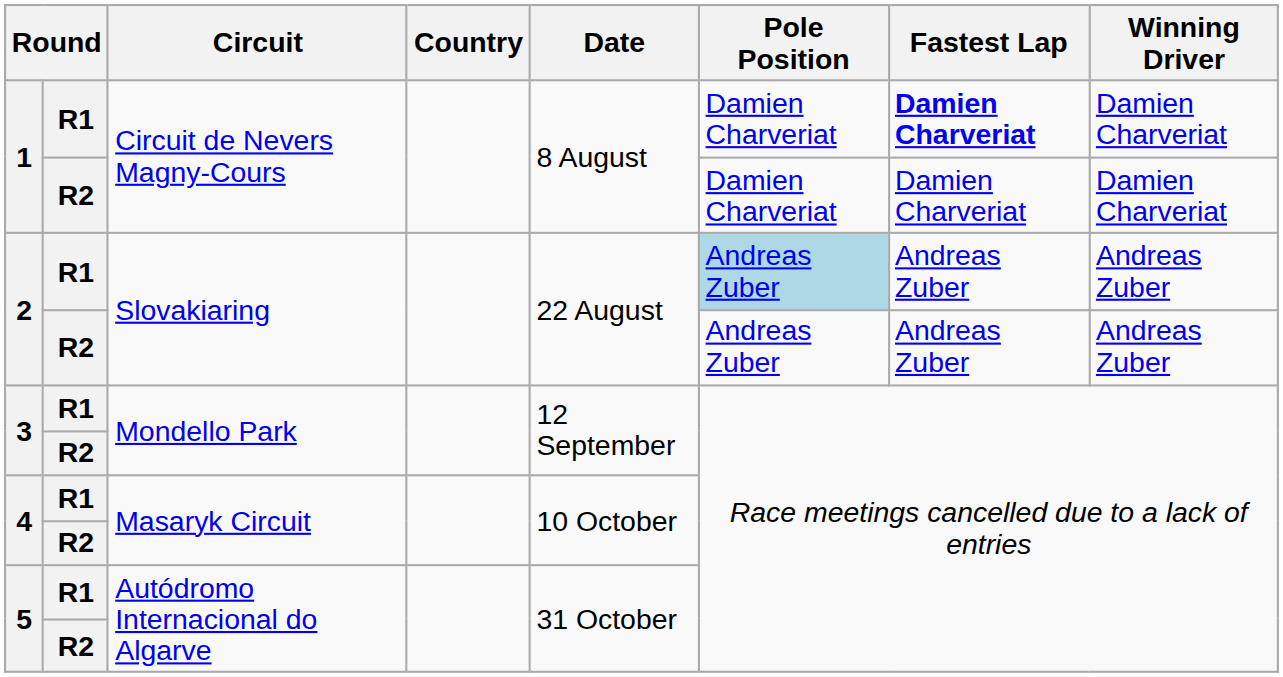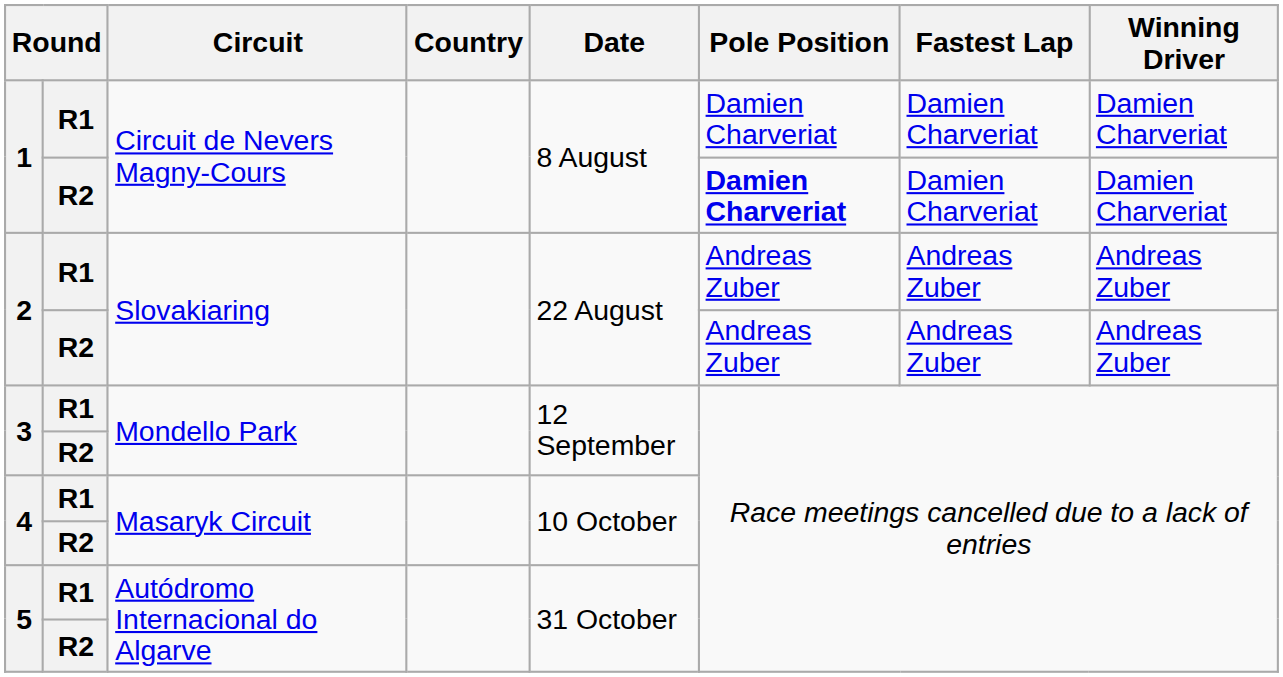 <table class="wikitable" style="font-size: 85%;">
 <tr>
 <th colspan=2>Round</th>
 <th>Circuit</th>
 <th>Country</th>
 <th>Date</th>
 <th>Pole Position</th>
 <th>Fastest Lap</th>
 <th>Winning Driver</th>
 </tr>
 <tr>
 <th rowspan=2>1</th>
 <th>R1</th>
 <td rowspan=2><a href='#'>Circuit de Nevers Magny-Cours</a></td>
 <td rowspan=2></td>
 <td rowspan=2>8 August</td>
 <td> <a href='#'>Damien Charveriat</a></td>
-<td><strong> <a href='#'>Damien Charveriat</a></strong></td>
+<td> <a href='#'>Damien Charveriat</a></td>
 <td> <a href='#'>Damien Charveriat</a></td>
 </tr>
 <tr>
 <th>R2</th>
-<td> <a href='#'>Damien Charveriat</a></td>
+<td><strong> <a href='#'>Damien Charveriat</a></strong></td>
 <td> <a href='#'>Damien Charveriat</a></td>
 <td> <a href='#'>Damien Charveriat</a></td>
 </tr>
 <tr>
 <th rowspan=2>2</th>
 <th>R1</th>
 <td rowspan=2><a href='#'>Slovakiaring</a></td>
 <td rowspan=2></td>
 <td rowspan=2>22 August</td>
-<td style="background: lightblue;"> <a href='#'>Andreas Zuber</a></td>
+<td> <a href='#'>Andreas Zuber</a></td>
 <td> <a href='#'>Andreas Zuber</a></td>
 <td> <a href='#'>Andreas Zuber</a></td>
 </tr>
 <tr>
 <th>R2</th>
 <td> <a href='#'>Andreas Zuber</a></td>
 <td> <a href='#'>Andreas Zuber</a></td>
 <td> <a href='#'>Andreas Zuber</a></td>
 </tr>
 <tr>
 <th rowspan=2>3</th>
 <th>R1</th>
 <td rowspan=2><a href='#'>Mondello Park</a></td>
 <td rowspan=2></td>
 <td rowspan=2>12 September</td>
 <td rowspan=6 colspan=3 align=center><em>Race meetings cancelled due to a lack of entries</em></td>
 </tr>
 <tr>
 <th>R2</th>
 </tr>
 <tr>
 <th rowspan=2>4</th>
 <th>R1</th>
 <td rowspan=2><a href='#'>Masaryk Circuit</a></td>
 <td rowspan=2></td>
 <td rowspan=2>10 October</td>
 </tr>
 <tr>
 <th>R2</th>
 </tr>
 <tr>
 <th rowspan=2>5</th>
 <th>R1</th>
 <td rowspan=2><a href='#'>Autódromo Internacional do Algarve</a></td>
 <td rowspan=2></td>
 <td rowspan=2>31 October</td>
 </tr>
 <tr>
 <th>R2</th>
 </tr>
 </table>
